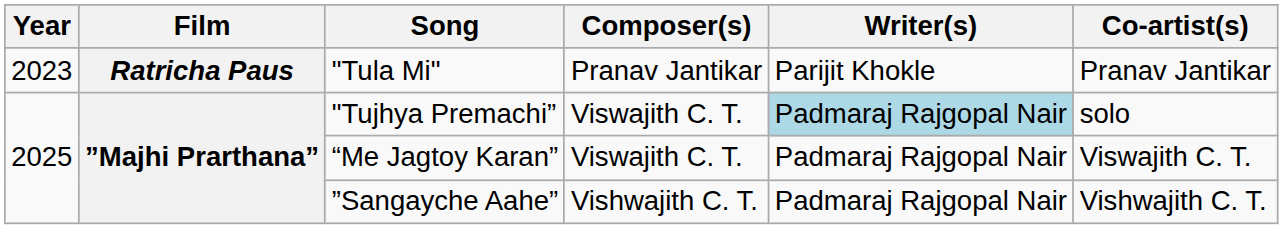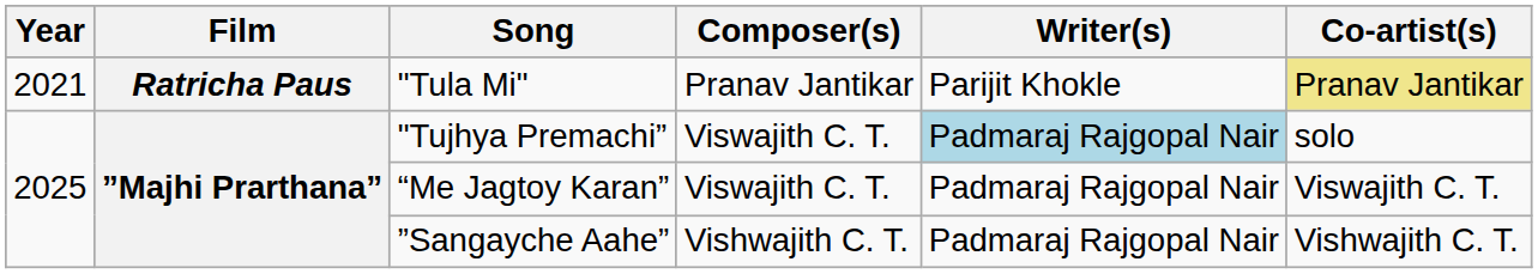 <table class="wikitable">
 <tr>
 <th>Year</th>
 <th>Film</th>
 <th>Song</th>
 <th>Composer(s)</th>
 <th>Writer(s)</th>
 <th>Co-artist(s)</th>
 </tr>
 <tr>
-<td>2023</td>
+<td>2021</td>
 <th><em>Ratricha Paus</em></th>
 <td>"Tula Mi"</td>
 <td>Pranav Jantikar</td>
 <td>Parijit Khokle</td>
-<td>Pranav Jantikar</td>
+<td style="background: khaki;">Pranav Jantikar</td>
 </tr>
 <tr>
 <td rowspan="3”">2025</td>
 <th rowspan="3”">”Majhi Prarthana”</th>
 <td>"Tujhya Premachi”</td>
 <td>Viswajith C. T.</td>
 <td style="background: lightblue;">Padmaraj Rajgopal Nair</td>
 <td>solo</td>
 </tr>
 <tr>
 <td>“Me Jagtoy Karan”</td>
 <td>Viswajith C. T.</td>
 <td>Padmaraj Rajgopal Nair</td>
 <td>Viswajith C. T.</td>
 </tr>
 <tr>
 <td>”Sangayche Aahe”</td>
 <td>Vishwajith C. T.</td>
 <td>Padmaraj Rajgopal Nair</td>
 <td>Vishwajith C. T.</td>
 </tr>
 </table>
